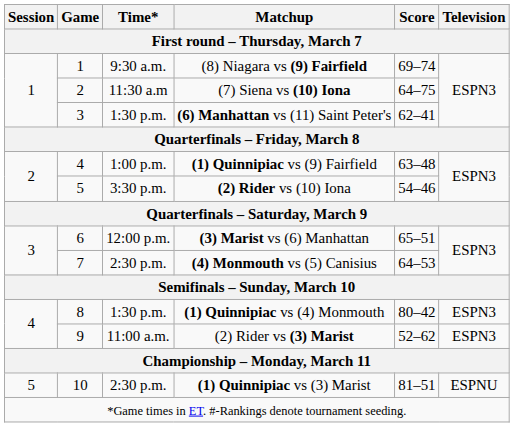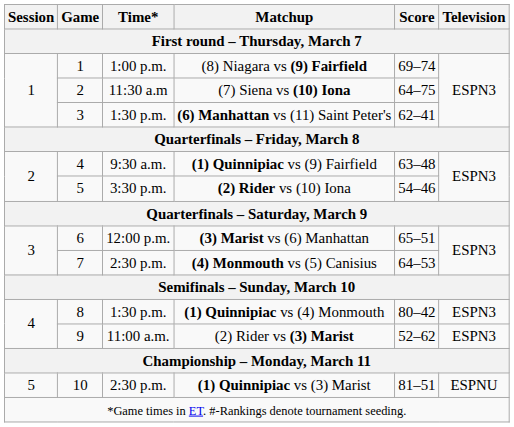 <table class="wikitable" style="font-size:95%;text-align:center">
 <tr>
 <th>Session</th>
 <th>Game</th>
 <th>Time*</th>
 <th>Matchup</th>
 <th>Score</th>
 <th>Television</th>
 </tr>
 <tr>
 <th colspan=7>First round – Thursday, March 7</th>
 </tr>
 <tr>
 <td rowspan=3>1</td>
 <td>1</td>
-<td>9:30 a.m.</td>
+<td>1:00 p.m.</td>
 <td>(8) Niagara vs <strong>(9) Fairfield</strong></td>
 <td>69–74</td>
 <td rowspan=3>ESPN3</td>
 </tr>
 <tr>
 <td>2</td>
 <td>11:30 a.m</td>
 <td>(7) Siena vs <strong>(10) Iona</strong></td>
 <td>64–75</td>
 </tr>
 <tr>
 <td>3</td>
 <td>1:30 p.m.</td>
 <td><strong>(6) Manhattan</strong> vs (11) Saint Peter's</td>
 <td>62–41</td>
 </tr>
 <tr>
 <th colspan=7>Quarterfinals – Friday, March 8</th>
 </tr>
 <tr>
 <td rowspan=2>2</td>
 <td>4</td>
-<td>1:00 p.m.</td>
+<td>9:30 a.m.</td>
 <td><strong>(1) Quinnipiac</strong> vs (9) Fairfield</td>
 <td>63–48</td>
 <td rowspan=2>ESPN3</td>
 </tr>
 <tr>
 <td>5</td>
 <td>3:30 p.m.</td>
 <td><strong>(2) Rider</strong> vs (10) Iona</td>
 <td>54–46</td>
 </tr>
 <tr>
 <th colspan=7>Quarterfinals – Saturday, March 9</th>
 </tr>
 <tr>
 <td rowspan=2>3</td>
 <td>6</td>
 <td>12:00 p.m.</td>
 <td><strong>(3) Marist</strong> vs (6) Manhattan</td>
 <td>65–51</td>
 <td rowspan=2>ESPN3</td>
 </tr>
 <tr>
 <td>7</td>
 <td>2:30 p.m.</td>
 <td><strong>(4) Monmouth</strong> vs (5) Canisius</td>
 <td>64–53</td>
 </tr>
 <tr>
 <th colspan=7>Semifinals – Sunday, March 10</th>
 </tr>
 <tr>
 <td rowspan=2>4</td>
 <td>8</td>
 <td>1:30 p.m.</td>
 <td><strong>(1) Quinnipiac</strong> vs (4) Monmouth</td>
 <td>80–42</td>
 <td>ESPN3</td>
 </tr>
 <tr>
 <td>9</td>
 <td>11:00 a.m.</td>
 <td>(2) Rider vs <strong>(3) Marist</strong></td>
 <td>52–62</td>
 <td>ESPN3</td>
 </tr>
 <tr>
 <th colspan=7>Championship – Monday, March 11</th>
 </tr>
 <tr>
 <td>5</td>
 <td>10</td>
 <td>2:30 p.m.</td>
 <td><strong>(1) Quinnipiac</strong> vs (3) Marist</td>
 <td>81–51</td>
 <td>ESPNU</td>
 </tr>
 <tr>
 <td colspan=6><small>*Game times in <a href='#'>ET</a>. #-Rankings denote tournament seeding.</small></td>
 </tr>
 </table>
